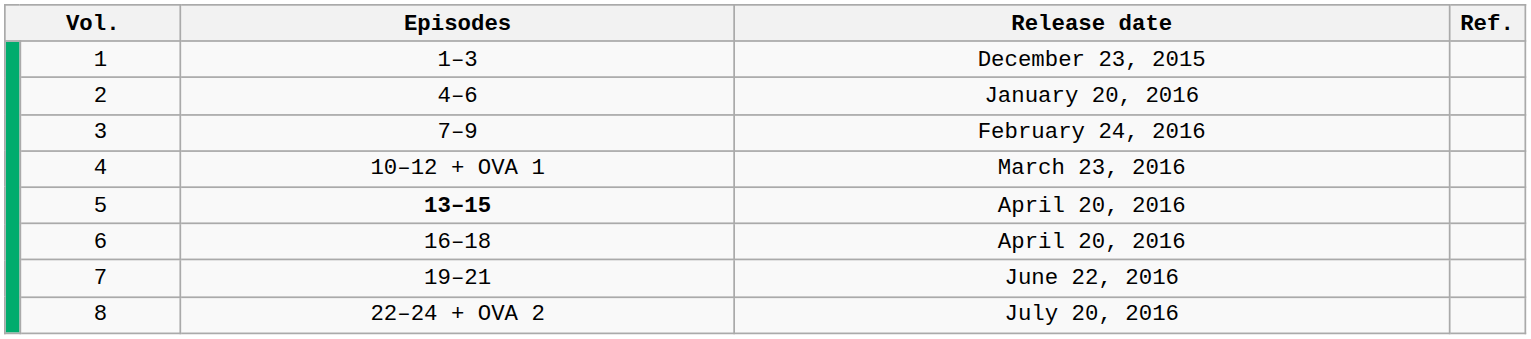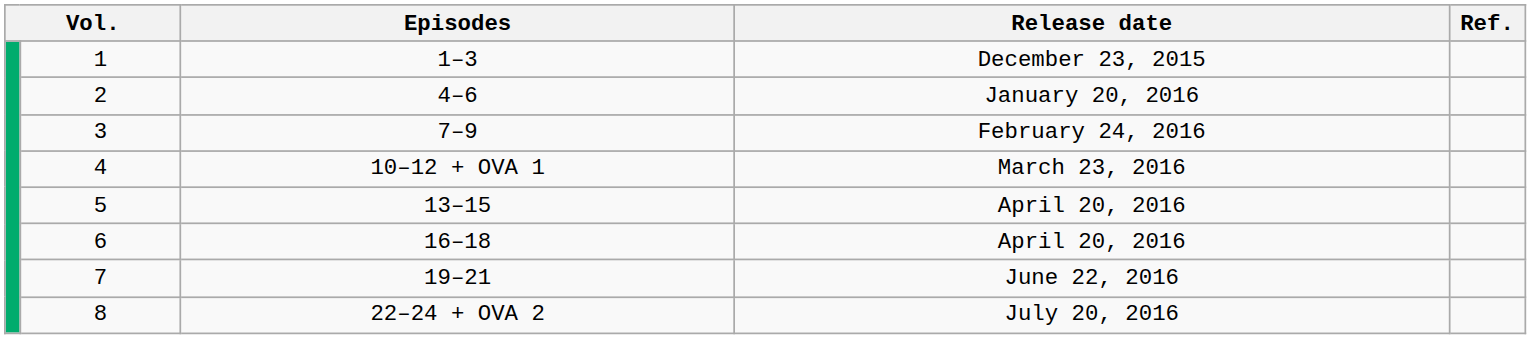 <table class="wikitable" style="text-align: center; width: 70%;">
 <tr>
 <th colspan="2">Vol.</th>
 <th>Episodes</th>
 <th>Release date</th>
 <th width="5%">Ref.</th>
 </tr>
 <tr>
 <td rowspan="8" width="1%" style="background: #00AC6D;"></td>
 <td>1</td>
 <td>1–3</td>
 <td>December 23, 2015</td>
 <td></td>
 </tr>
 <tr>
 <td>2</td>
 <td>4–6</td>
 <td>January 20, 2016</td>
 <td></td>
 </tr>
 <tr>
 <td>3</td>
 <td>7–9</td>
 <td>February 24, 2016</td>
 <td></td>
 </tr>
 <tr>
 <td>4</td>
 <td>10–12 + OVA 1</td>
 <td>March 23, 2016</td>
 <td></td>
 </tr>
 <tr>
 <td>5</td>
-<td><strong>13–15</strong></td>
+<td>13–15</td>
 <td>April 20, 2016</td>
 <td></td>
 </tr>
 <tr>
 <td>6</td>
 <td>16–18</td>
 <td>April 20, 2016</td>
 <td></td>
 </tr>
 <tr>
 <td>7</td>
 <td>19–21</td>
 <td>June 22, 2016</td>
 <td></td>
 </tr>
 <tr>
 <td>8</td>
 <td>22–24 + OVA 2</td>
 <td>July 20, 2016</td>
 <td></td>
 </tr>
 </table>
